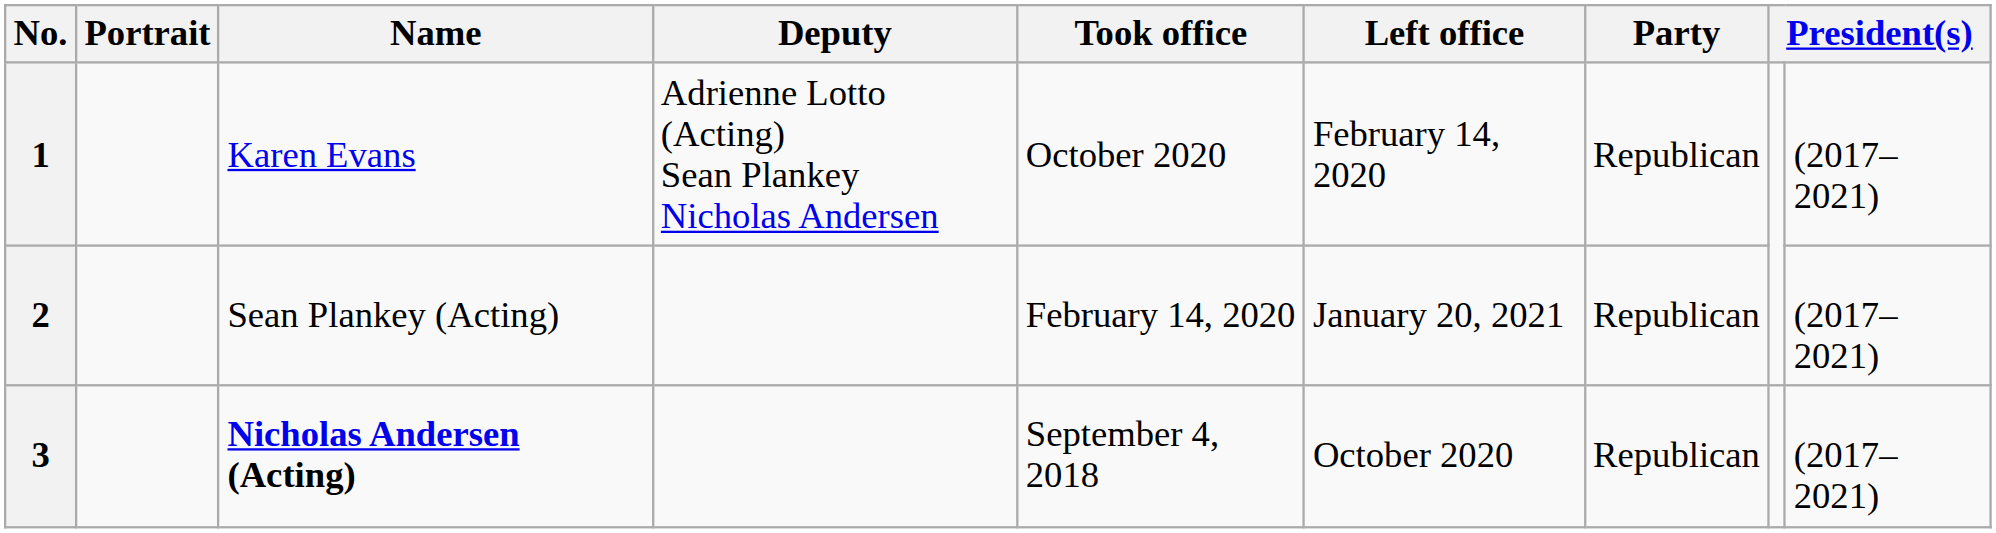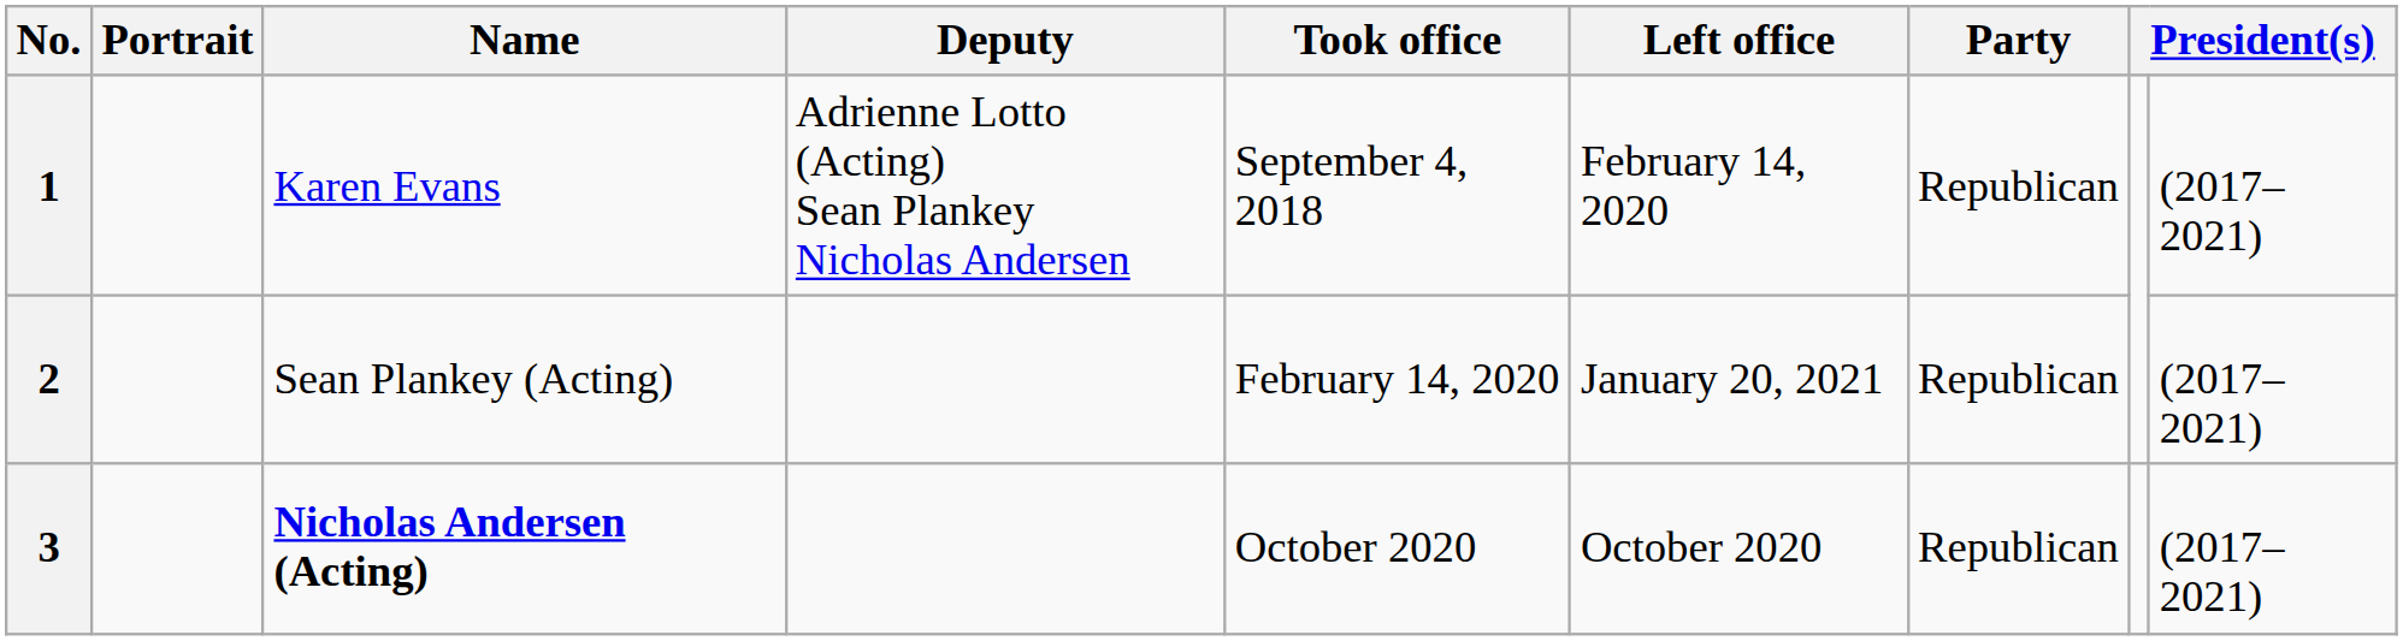 <table class="wikitable">
 <tr>
 <th>No.</th>
 <th>Portrait</th>
 <th>Name</th>
 <th>Deputy</th>
 <th>Took office</th>
 <th>Left office</th>
 <th>Party</th>
 <th colspan="2"><a href='#'>President(s)</a></th>
 </tr>
 <tr>
 <th style="background: "><span>1</span></th>
 <td></td>
 <td><a href='#'>Karen Evans</a></td>
 <td>Adrienne Lotto (Acting)<br>Sean Plankey<br><a href='#'>Nicholas Andersen</a></td>
-<td>October 2020</td>
+<td>September 4, 2018</td>
 <td>February 14, 2020</td>
 <td>Republican</td>
 <td rowspan="2" style="background: "></td>
 <td><br>(2017–2021)</td>
 </tr>
 <tr>
 <th style="background: "><span>2</span></th>
 <td></td>
 <td>Sean Plankey (Acting)</td>
 <td></td>
 <td>February 14, 2020</td>
 <td>January 20, 2021</td>
 <td>Republican</td>
 <td><br>(2017–2021)</td>
 </tr>
 <tr>
 <th style="background: "><span>3</span></th>
 <td></td>
 <td><strong><a href='#'>Nicholas Andersen</a> (Acting)</strong></td>
 <td></td>
-<td>September 4, 2018</td>
+<td>October 2020</td>
 <td>October 2020</td>
 <td>Republican</td>
 <td rowspan="2" style="background: "></td>
 <td><br>(2017–2021)</td>
 </tr>
 </table>
